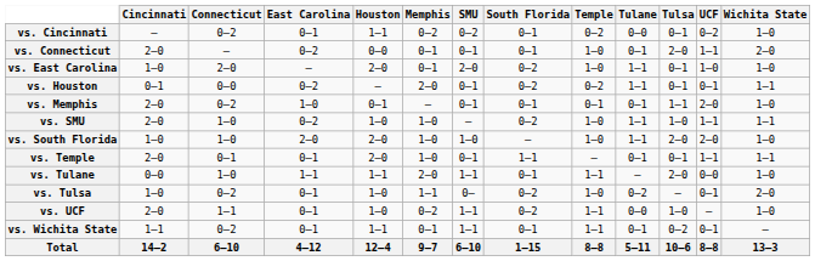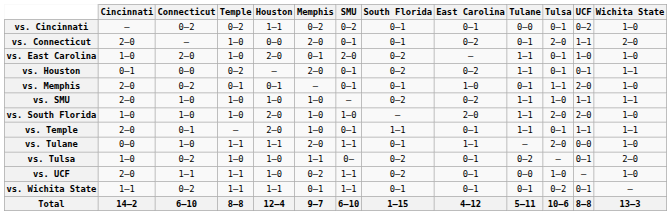 <table class="wikitable" style="white-space:nowrap;font-size:90%;">
 <tr>
 <th colspan="1" style="background:white; border-top-style:hidden; border-left-style:hidden;" width="75"> </th>
 <th style=>Cincinnati</th>
 <th>Connecticut</th>
-<th style=>East Carolina</th>
+<th>Temple</th>
 <th>Houston</th>
 <th>Memphis</th>
 <th>SMU</th>
 <th>South Florida</th>
-<th>Temple</th>
+<th style=>East Carolina</th>
 <th>Tulane</th>
 <th>Tulsa</th>
 <th style=>UCF</th>
 <th style=>Wichita State</th>
 </tr>
 <tr style="text-align:center;">
 <th>vs. Cincinnati</th>
 <td>—</td>
 <td>0–2</td>
-<td>0–1</td>
+<td>0–2</td>
 <td>1–1</td>
 <td>0–2</td>
 <td>0–2</td>
 <td>0–1</td>
-<td>0–2</td>
+<td>0–1</td>
 <td>0–0</td>
 <td>0–1</td>
 <td>0–2</td>
 <td>1–0</td>
 </tr>
 <tr style="text-align:center;">
 <th>vs. Connecticut</th>
 <td>2–0</td>
 <td>—</td>
-<td>0–2</td>
+<td>1–0</td>
 <td>0–0</td>
+<td>2–0</td>
 <td>0–1</td>
 <td>0–1</td>
-<td>0–1</td>
-<td>1–0</td>
+<td>0–2</td>
 <td>0–1</td>
 <td>2–0</td>
 <td>1–1</td>
 <td>2–0</td>
 </tr>
 <tr style="text-align:center;">
 <th>vs. East Carolina</th>
 <td>1–0</td>
 <td>2–0</td>
-<td>—</td>
+<td>1–0</td>
 <td>2–0</td>
 <td>0–1</td>
 <td>2–0</td>
 <td>0–2</td>
-<td>1–0</td>
+<td>—</td>
 <td>1–1</td>
 <td>0–1</td>
 <td>1–0</td>
 <td>1–0</td>
 </tr>
 <tr style="text-align:center;">
 <th>vs. Houston</th>
 <td>0–1</td>
 <td>0–0</td>
 <td>0–2</td>
 <td>—</td>
 <td>2–0</td>
 <td>0–1</td>
 <td>0–2</td>
 <td>0–2</td>
 <td>1–1</td>
 <td>0–1</td>
 <td>0–1</td>
 <td>1–1</td>
 </tr>
 <tr style="text-align:center;">
 <th>vs. Memphis</th>
 <td>2–0</td>
 <td>0–2</td>
-<td>1–0</td>
+<td>0–1</td>
 <td>0–1</td>
 <td>—</td>
 <td>0–1</td>
 <td>0–1</td>
-<td>0–1</td>
+<td>1–0</td>
 <td>0–1</td>
 <td>1–1</td>
 <td>2–0</td>
 <td>1–0</td>
 </tr>
 <tr style="text-align:center;">
 <th>vs. SMU</th>
 <td>2–0</td>
 <td>1–0</td>
-<td>0–2</td>
+<td>1–0</td>
 <td>1–0</td>
 <td>1–0</td>
 <td>—</td>
 <td>0–2</td>
-<td>1–0</td>
+<td>0–2</td>
 <td>1–1</td>
 <td>1–0</td>
 <td>1–1</td>
 <td>1–1</td>
 </tr>
 <tr style="text-align:center;">
 <th>vs. South Florida</th>
 <td>1–0</td>
 <td>1–0</td>
-<td>2–0</td>
+<td>1–0</td>
 <td>2–0</td>
 <td>1–0</td>
 <td>1–0</td>
 <td>—</td>
-<td>1–0</td>
+<td>2–0</td>
 <td>1–1</td>
 <td>2–0</td>
 <td>2–0</td>
 <td>1–0</td>
 </tr>
 <tr style="text-align:center;">
 <th>vs. Temple</th>
 <td>2–0</td>
 <td>0–1</td>
-<td>0–1</td>
+<td>—</td>
 <td>2–0</td>
 <td>1–0</td>
 <td>0–1</td>
 <td>1–1</td>
-<td>—</td>
 <td>0–1</td>
+<td>1–1</td>
 <td>0–1</td>
 <td>1–1</td>
 <td>1–1</td>
 </tr>
 <tr style="text-align:center;">
 <th>vs. Tulane</th>
 <td>0–0</td>
 <td>1–0</td>
 <td>1–1</td>
 <td>1–1</td>
 <td>2–0</td>
 <td>1–1</td>
 <td>0–1</td>
 <td>1–1</td>
 <td>—</td>
 <td>2–0</td>
 <td>0–0</td>
 <td>1–0</td>
 </tr>
 <tr style="text-align:center;">
 <th>vs. Tulsa</th>
 <td>1–0</td>
 <td>0–2</td>
-<td>0–1</td>
+<td>1–0</td>
 <td>1–0</td>
 <td>1–1</td>
 <td>0–</td>
 <td>0–2</td>
-<td>1–0</td>
+<td>0–1</td>
 <td>0–2</td>
 <td>—</td>
 <td>0–1</td>
 <td>2–0</td>
 </tr>
 <tr style="text-align:center;">
 <th>vs. UCF</th>
 <td>2–0</td>
 <td>1–1</td>
-<td>0–1</td>
+<td>1–1</td>
 <td>1–0</td>
 <td>0–2</td>
 <td>1–1</td>
 <td>0–2</td>
-<td>1–1</td>
+<td>0–1</td>
 <td>0–0</td>
 <td>1–0</td>
 <td>—</td>
 <td>1–0</td>
 </tr>
 <tr style="text-align:center;">
 <th>vs. Wichita State</th>
 <td>1–1</td>
 <td>0–2</td>
-<td>0–1</td>
+<td>1–1</td>
 <td>1–1</td>
 <td>0–1</td>
 <td>1–1</td>
 <td>0–1</td>
-<td>1–1</td>
+<td>0–1</td>
 <td>0–1</td>
 <td>0–2</td>
 <td>0–1</td>
 <td>—<br></td>
 </tr>
 <tr style="text-align:center;">
 <th>Total</th>
 <th>14–2</th>
 <th>6–10</th>
-<th>4–12</th>
+<th>8–8</th>
 <th>12–4</th>
 <th>9–7</th>
 <th>6–10</th>
 <th>1–15</th>
-<th>8–8</th>
+<th>4–12</th>
 <th>5–11</th>
 <th>10–6</th>
 <th>8–8</th>
 <th>13–3</th>
 </tr>
 </table>
